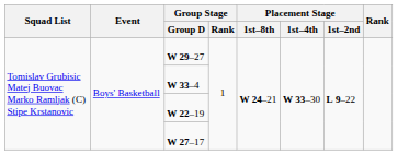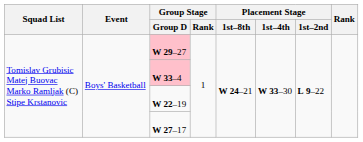 <table class="wikitable" width="90%" style="text-align:left; font-size:90%">
 <tr>
 <th rowspan="2">Squad List</th>
 <th rowspan="2">Event</th>
 <th colspan="2">Group Stage</th>
 <th colspan="3">Placement Stage</th>
 <th rowspan="2">Rank</th>
 </tr>
 <tr>
 <th>Group D</th>
 <th>Rank</th>
 <th>1st–8th</th>
 <th>1st–4th</th>
 <th>1st–2nd</th>
 </tr>
 <tr>
 <td rowspan="4"><a href='#'>Tomislav Grubisic</a><br><a href='#'>Matej Buovac</a><br><a href='#'>Marko Ramljak</a> (C)<br><a href='#'>Stipe Krstanovic</a></td>
 <td rowspan="4"><a href='#'>Boys' Basketball</a></td>
-<td><br> <strong>W</strong> <strong>29</strong>–27</td>
+<td style="background: pink;"><br> <strong>W</strong> <strong>29</strong>–27</td>
 <td rowspan="4" align=center>1</td>
 <td rowspan="4"> <br> <strong>W</strong> <strong>24</strong>–21</td>
 <td rowspan="4"> <br> <strong>W</strong> <strong>33</strong>–30</td>
 <td rowspan="4"> <br> <strong>L</strong> <strong>9</strong>–22</td>
 <td rowspan="4" align="center"></td>
 </tr>
 <tr>
-<td><br> <strong>W</strong> <strong>33</strong>–4</td>
+<td style="background: pink;"><br> <strong>W</strong> <strong>33</strong>–4</td>
 </tr>
 <tr>
 <td><br> <strong>W</strong> <strong>22</strong>–19</td>
 </tr>
 <tr>
 <td><br> <strong>W</strong> <strong>27</strong>–17</td>
 </tr>
 </table>
